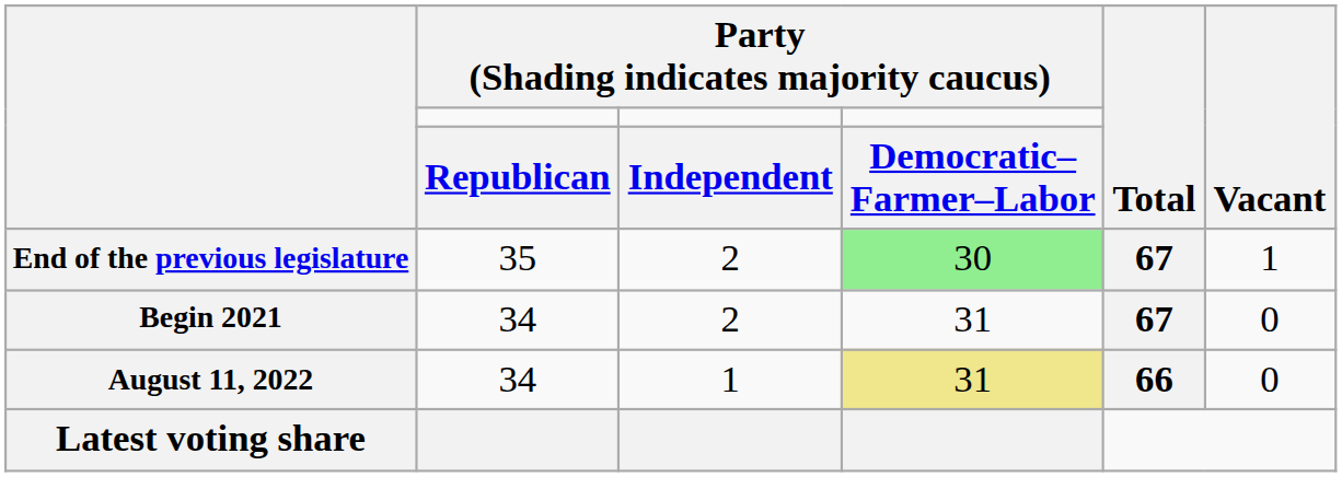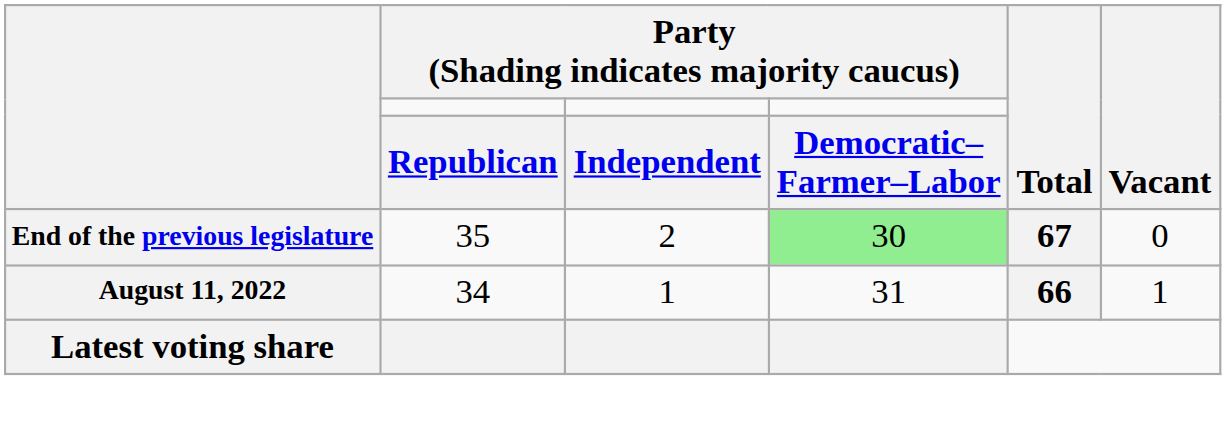 <table class=wikitable style="text-align:center">
 <tr style="vertical-align:bottom;">
 <th rowspan=3></th>
 <th colspan=3>Party <div>(Shading indicates majority caucus)</div></th>
 <th rowspan=3>Total</th>
 <th rowspan=3>Vacant</th>
 </tr>
 <tr>
 <td style="background-color:"></td>
 <td style="background-color:"></td>
 <td style="background-color:"></td>
 </tr>
 <tr>
 <th><a href='#'>Republican</a></th>
 <th><a href='#'>Independent</a></th>
 <th><a href='#'>Democratic–<br>Farmer–Labor</a></th>
 </tr>
 <tr>
 <th nowrap style="font-size:80%">End of the <a href='#'>previous legislature</a></th>
 <td>35</td>
 <td>2</td>
 <td style="background: lightgreen;">30</td>
 <th>67</th>
-<td>1</td>
-</tr>
-<tr>
-<th nowrap style="font-size:80%">Begin 2021</th>
-<td>34</td>
-<td>2</td>
-<td>31</td>
-<th>67</th>
 <td>0</td>
 </tr>
 <tr>
 <th nowrap style="font-size:80%">August 11, 2022</th>
 <td>34</td>
 <td>1</td>
-<td style="background: khaki;">31</td>
+<td>31</td>
 <th>66</th>
-<td>0</td>
+<td>1</td>
 </tr>
 <tr>
 <th>Latest voting share</th>
 <th colspan=1 ></th>
 <th></th>
 <th></th>
 <td colspan="2"></td>
 </tr>
 </table>
